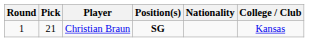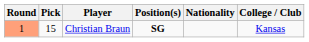 <table class="wikitable sortable sortable">
 <tr>
 <th>Round</th>
 <th>Pick</th>
 <th>Player</th>
 <th>Position(s)</th>
 <th>Nationality</th>
 <th>College / Club</th>
 </tr>
 <tr style="text-align: center">
-<td>1</td>
-<td>21</td>
+<td style="background: lightsalmon;">1</td>
+<td>15</td>
 <td><a href='#'>Christian Braun</a></td>
 <td><strong>SG</strong></td>
 <td></td>
 <td><a href='#'>Kansas</a></td>
 </tr>
 </table>
